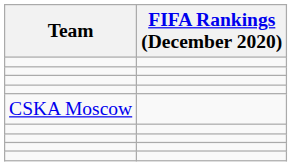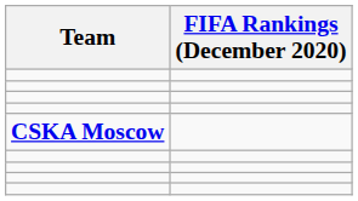 <table class="wikitable sortable" style="text-align: left;">
 <tr>
 <th>Team</th>
 <th><a href='#'>FIFA Rankings</a><br>(December 2020)</th>
 </tr>
 <tr>
 <td></td>
 <td></td>
 </tr>
 <tr>
 <td></td>
 <td></td>
 </tr>
 <tr>
 <td></td>
 <td></td>
 </tr>
 <tr>
 <td><s></s></td>
 <td></td>
 </tr>
 <tr>
-<td> <a href='#'>CSKA Moscow</a></td>
+<td><strong> <a href='#'>CSKA Moscow</a></strong></td>
 <td></td>
 </tr>
 <tr>
 <td></td>
 <td></td>
 </tr>
 <tr>
 <td></td>
 <td></td>
 </tr>
 <tr>
 <td></td>
 <td></td>
 </tr>
 <tr>
 <td></td>
 <td></td>
 </tr>
 </table>
